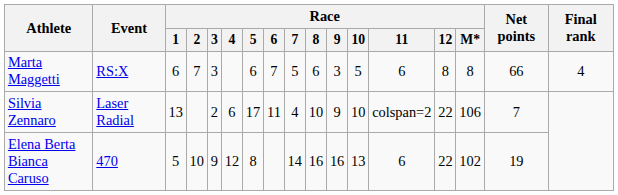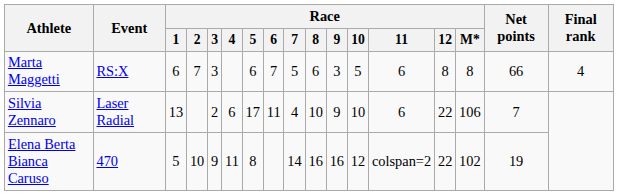 <table class="wikitable" style="font-size:90%">
 <tr>
 <th rowspan="2">Athlete</th>
 <th rowspan="2">Event</th>
 <th colspan=13>Race</th>
 <th rowspan=2>Net points</th>
 <th rowspan=2>Final rank</th>
 </tr>
 <tr style="font-size:95%">
 <th>1</th>
 <th>2</th>
 <th>3</th>
 <th>4</th>
 <th>5</th>
 <th>6</th>
 <th>7</th>
 <th>8</th>
 <th>9</th>
 <th>10</th>
 <th>11</th>
 <th>12</th>
 <th>M*</th>
 </tr>
 <tr align=center>
 <td align=left><a href='#'>Marta Maggetti</a></td>
 <td align=left><a href='#'>RS:X</a></td>
 <td>6</td>
 <td>7</td>
 <td>3</td>
 <td></td>
 <td>6</td>
 <td>7</td>
 <td>5</td>
 <td>6</td>
 <td>3</td>
 <td>5</td>
 <td>6</td>
 <td>8</td>
 <td>8</td>
 <td>66</td>
 <td>4</td>
 </tr>
 <tr align=center>
 <td align=left><a href='#'>Silvia Zennaro</a></td>
 <td align=left><a href='#'>Laser Radial</a></td>
 <td>13</td>
 <td></td>
 <td>2</td>
 <td>6</td>
 <td>17</td>
 <td>11</td>
 <td>4</td>
 <td>10</td>
 <td>9</td>
 <td>10</td>
-<td>colspan=2 </td>
+<td>6</td>
 <td>22</td>
 <td>106</td>
 <td>7</td>
 </tr>
 <tr align=center>
 <td align=left><a href='#'>Elena Berta</a><br><a href='#'>Bianca Caruso</a></td>
 <td align=left><a href='#'>470</a></td>
 <td>5</td>
 <td>10</td>
 <td>9</td>
-<td>12</td>
+<td>11</td>
 <td>8</td>
 <td></td>
 <td>14</td>
 <td>16</td>
 <td>16</td>
-<td>13</td>
-<td>6</td>
+<td>12</td>
+<td>colspan=2 </td>
 <td>22</td>
 <td>102</td>
 <td>19</td>
 </tr>
 </table>
